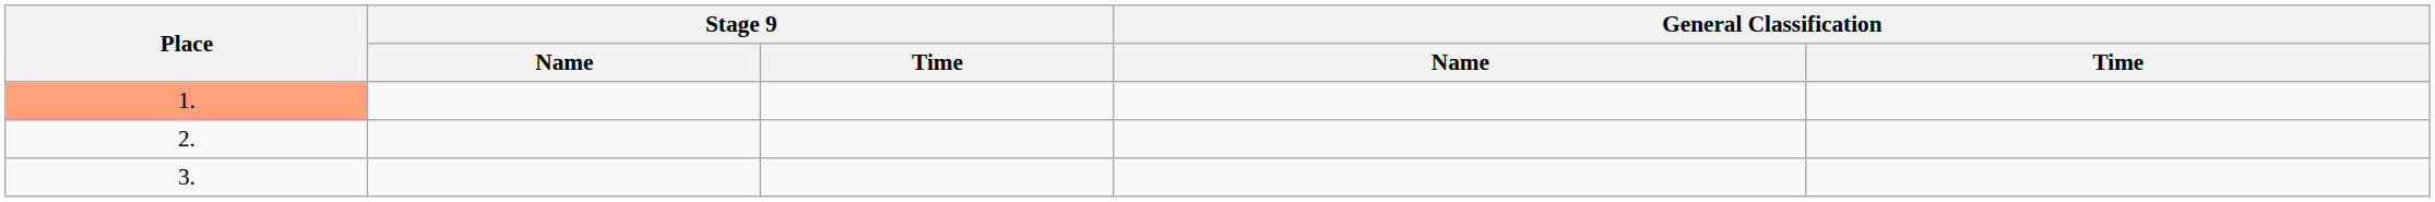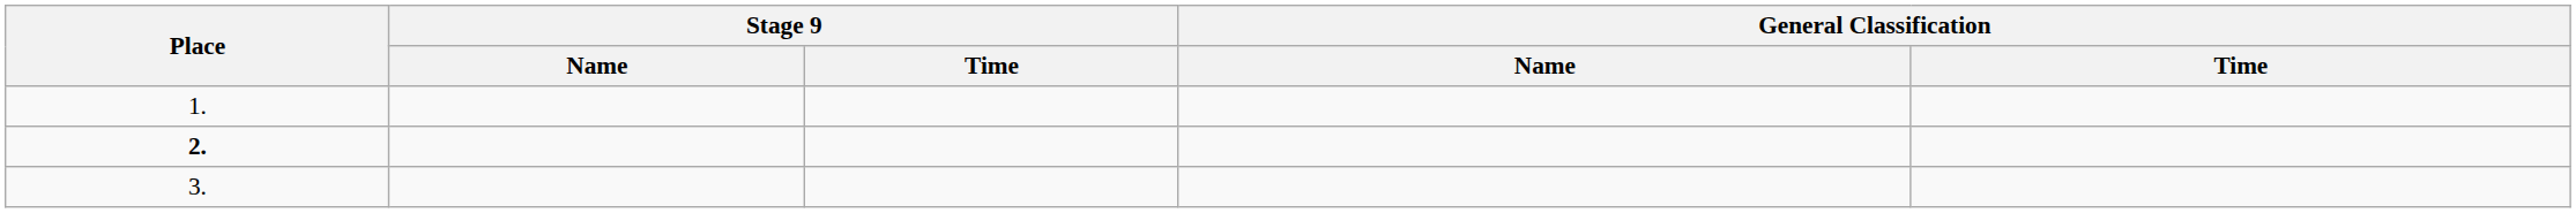 <table class="wikitable"  style="font-size:95%; width:80%;">
 <tr>
 <th rowspan="2">Place</th>
 <th colspan="2">Stage 9</th>
 <th colspan="2">General Classification</th>
 </tr>
 <tr>
 <th>Name</th>
 <th>Time</th>
 <th>Name</th>
 <th>Time</th>
 </tr>
 <tr>
-<td style="background: lightsalmon; text-align:center;">1.</td>
+<td style="text-align:center;">1.</td>
 <td></td>
 <td></td>
 <td></td>
 <td></td>
 </tr>
 <tr>
-<td style="text-align:center;">2.</td>
+<td style="text-align:center;"><strong>2.</strong></td>
 <td></td>
 <td></td>
 <td></td>
 <td></td>
 </tr>
 <tr>
 <td style="text-align:center;">3.</td>
 <td></td>
 <td></td>
 <td></td>
 <td></td>
 </tr>
 </table>
